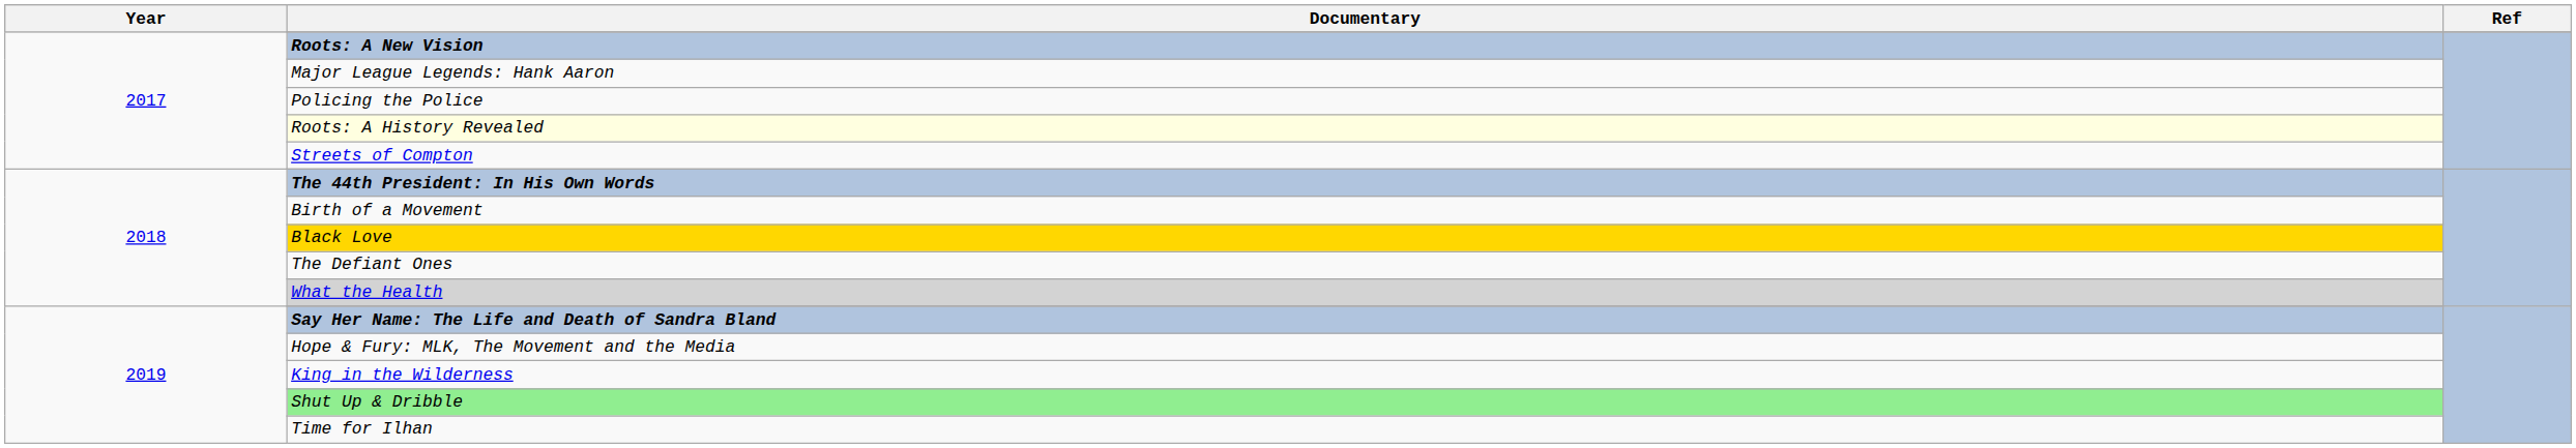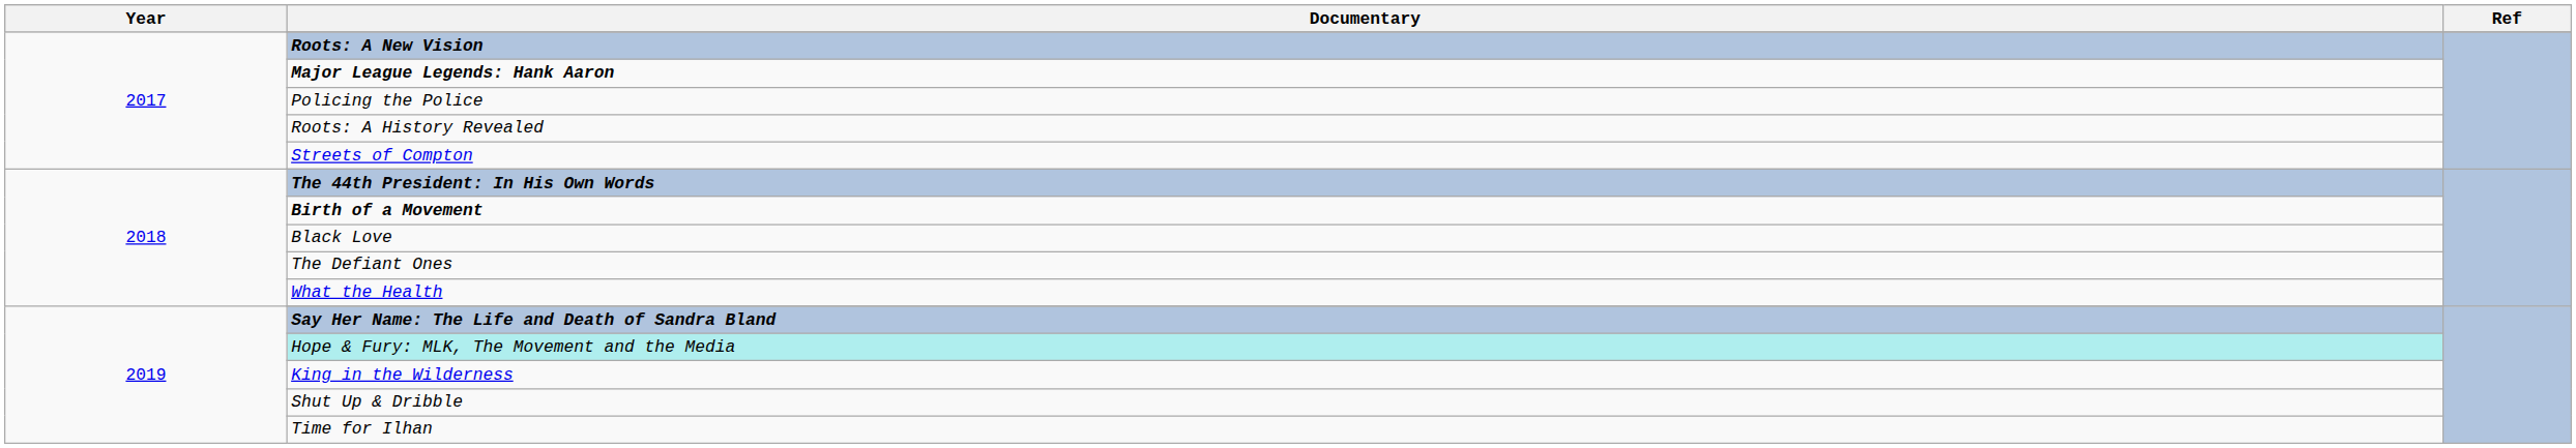 <table class="wikitable" style="width:100%;">
 <tr style="background:#bebebe;">
 <th style="width:11%;">Year</th>
 <th style="width:84%;">Documentary</th>
 <th style="width:5%;">Ref</th>
 </tr>
 <tr>
 <td rowspan="6" align="center"><a href='#'>2017</a></td>
 </tr>
 <tr style="background:#B0C4DE">
 <td><strong><em>Roots: A New Vision</em></strong></td>
 <td rowspan="6" align="center"></td>
 </tr>
 <tr>
-<td><em>Major League Legends: Hank Aaron</em></td>
+<td><strong><em>Major League Legends: Hank Aaron</em></strong></td>
 </tr>
 <tr>
 <td><em>Policing the Police</em></td>
 </tr>
 <tr>
-<td style="background: lightyellow;"><em>Roots: A History Revealed</em></td>
+<td><em>Roots: A History Revealed</em></td>
 </tr>
 <tr>
 <td><em><a href='#'>Streets of Compton</a></em></td>
 </tr>
 <tr>
 <td rowspan="6" align="center"><a href='#'>2018</a></td>
 </tr>
 <tr style="background:#B0C4DE">
 <td><strong><em>The 44th President: In His Own Words</em></strong></td>
 <td rowspan="6" align="center"></td>
 </tr>
 <tr>
-<td><em>Birth of a Movement</em></td>
+<td><strong><em>Birth of a Movement</em></strong></td>
 </tr>
 <tr>
-<td style="background: gold;"><em>Black Love</em></td>
+<td><em>Black Love</em></td>
 </tr>
 <tr>
 <td><em>The Defiant Ones</em></td>
 </tr>
 <tr>
-<td style="background: lightgrey;"><em><a href='#'>What the Health</a></em></td>
+<td><em><a href='#'>What the Health</a></em></td>
 </tr>
 <tr>
 <td rowspan="6" align="center"><a href='#'>2019</a></td>
 </tr>
 <tr style="background:#B0C4DE">
 <td><strong><em>Say Her Name: The Life and Death of Sandra Bland</em></strong></td>
 <td rowspan="6" align="center"></td>
 </tr>
 <tr>
-<td><em>Hope & Fury: MLK, The Movement and the Media</em></td>
+<td style="background: paleturquoise;"><em>Hope & Fury: MLK, The Movement and the Media</em></td>
 </tr>
 <tr>
 <td><em><a href='#'>King in the Wilderness</a></em></td>
 </tr>
 <tr>
-<td style="background: lightgreen;"><em>Shut Up & Dribble</em></td>
+<td><em>Shut Up & Dribble</em></td>
 </tr>
 <tr>
 <td><em>Time for Ilhan</em></td>
 </tr>
 </table>
